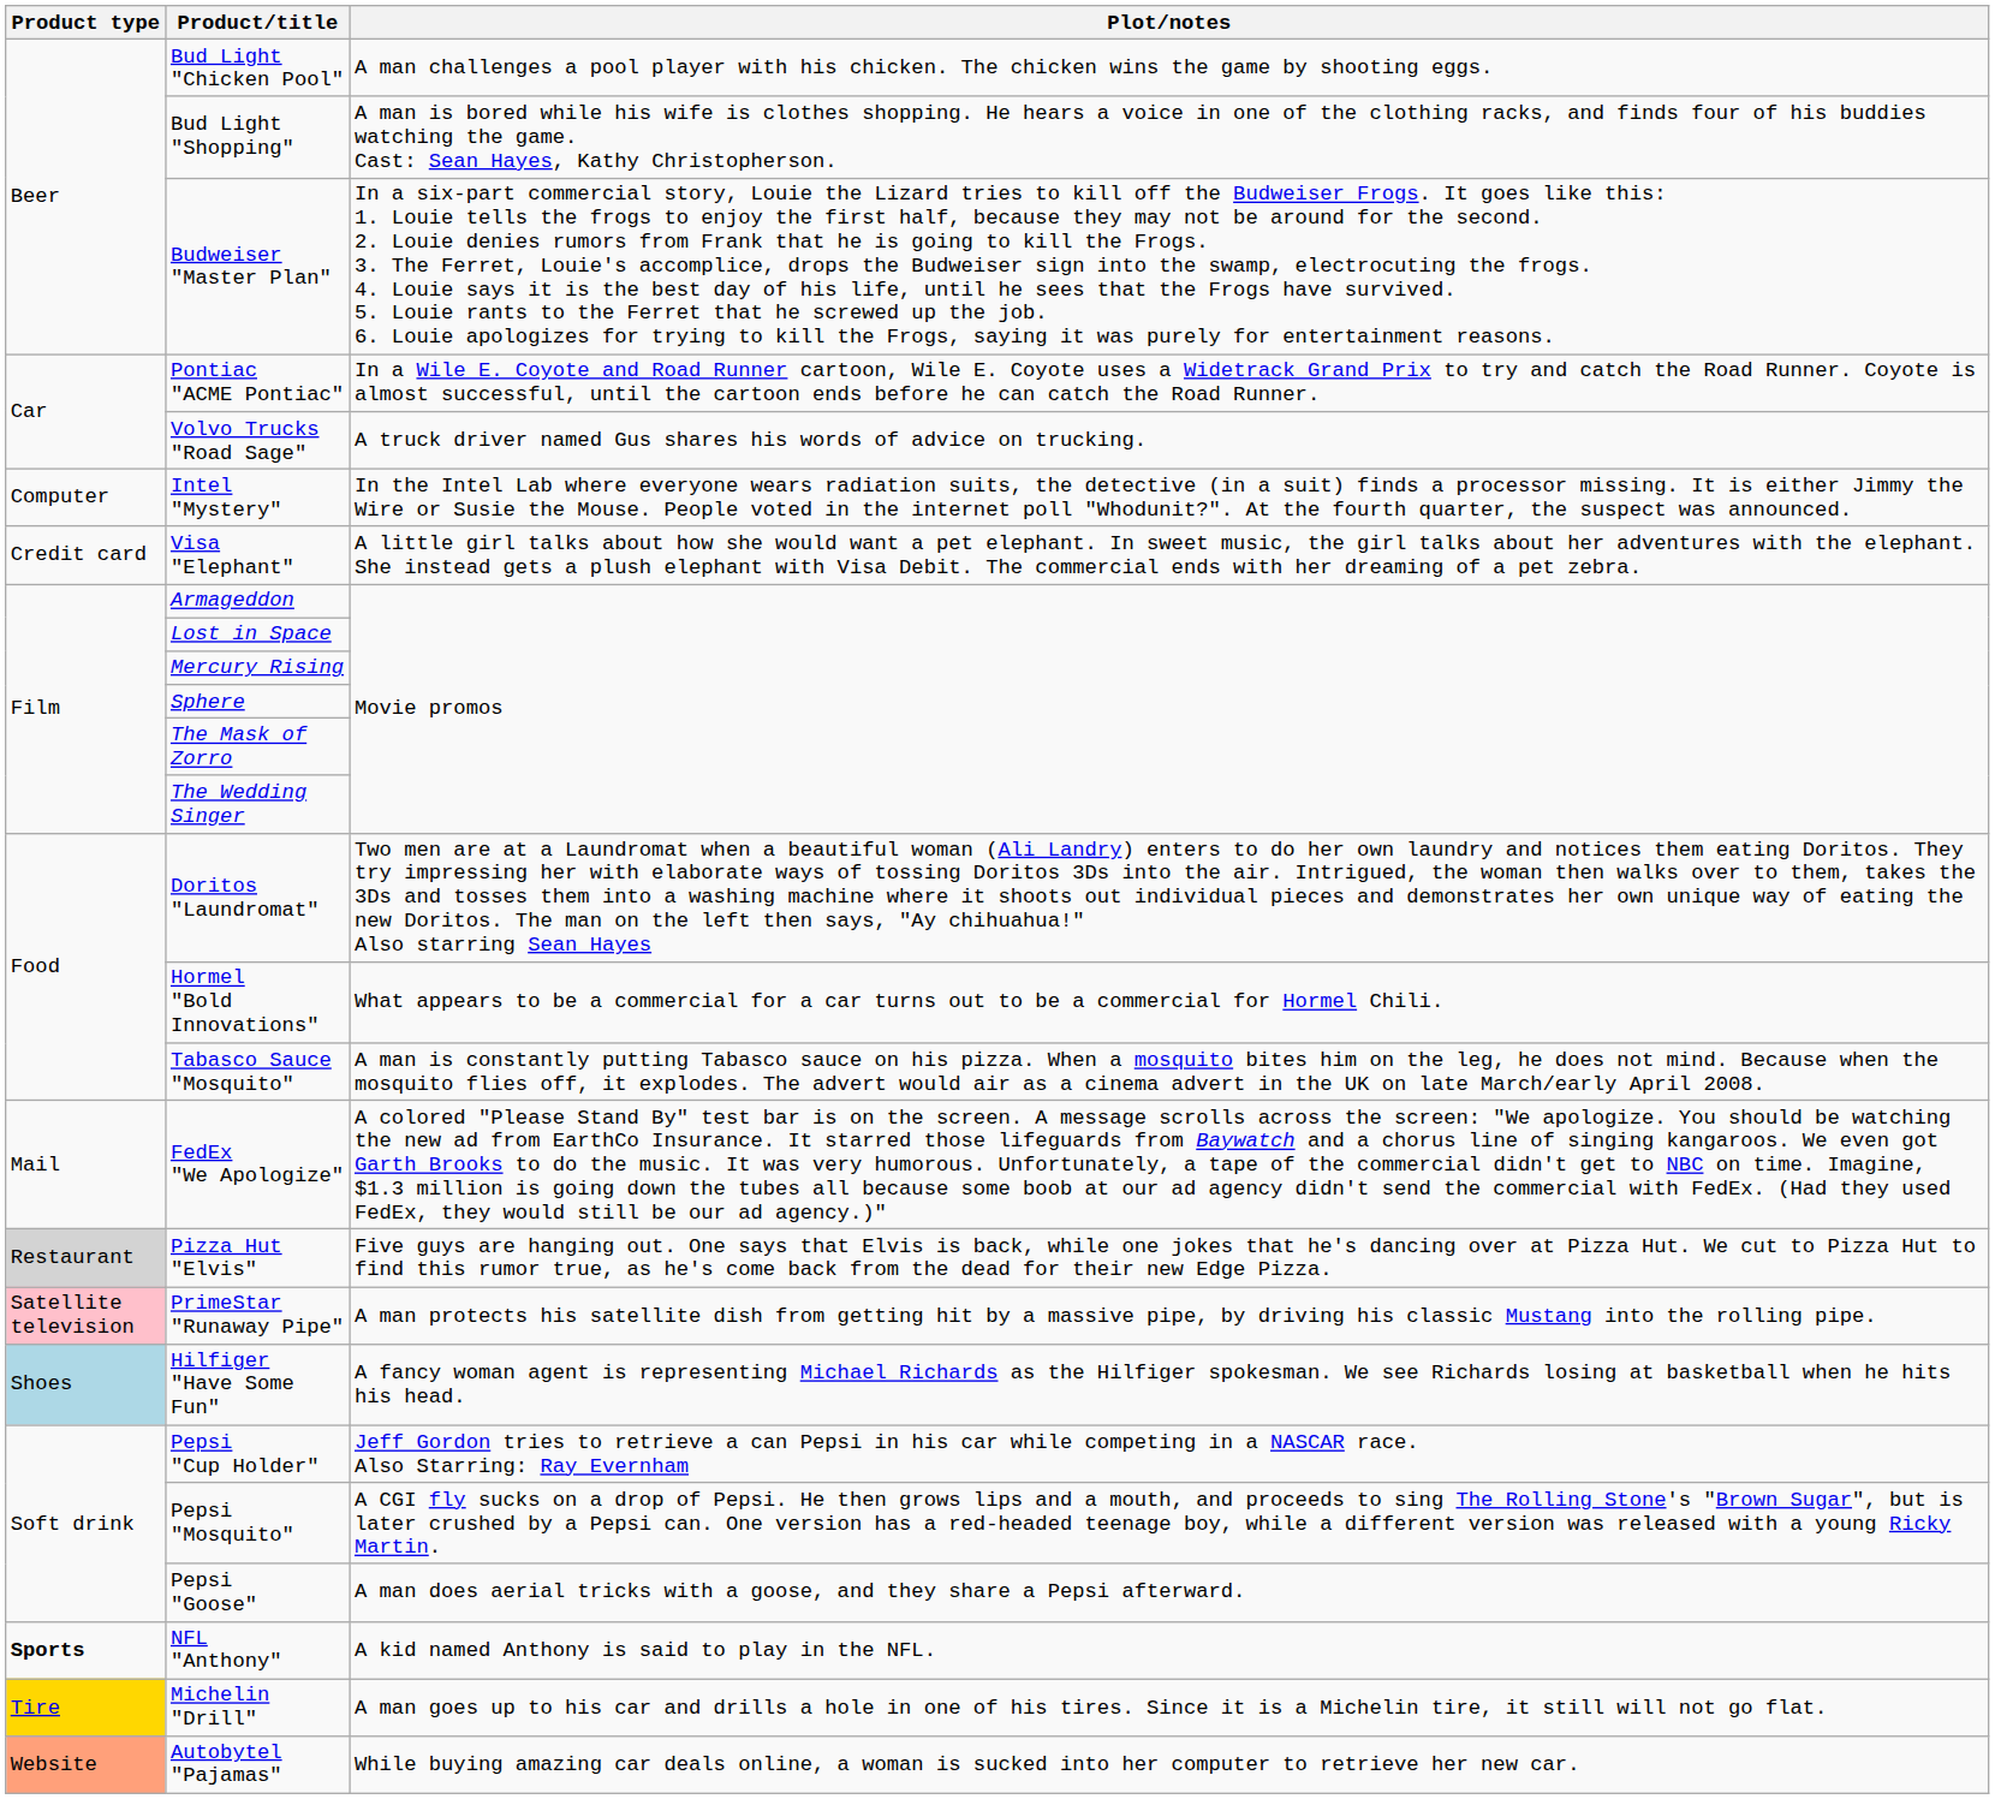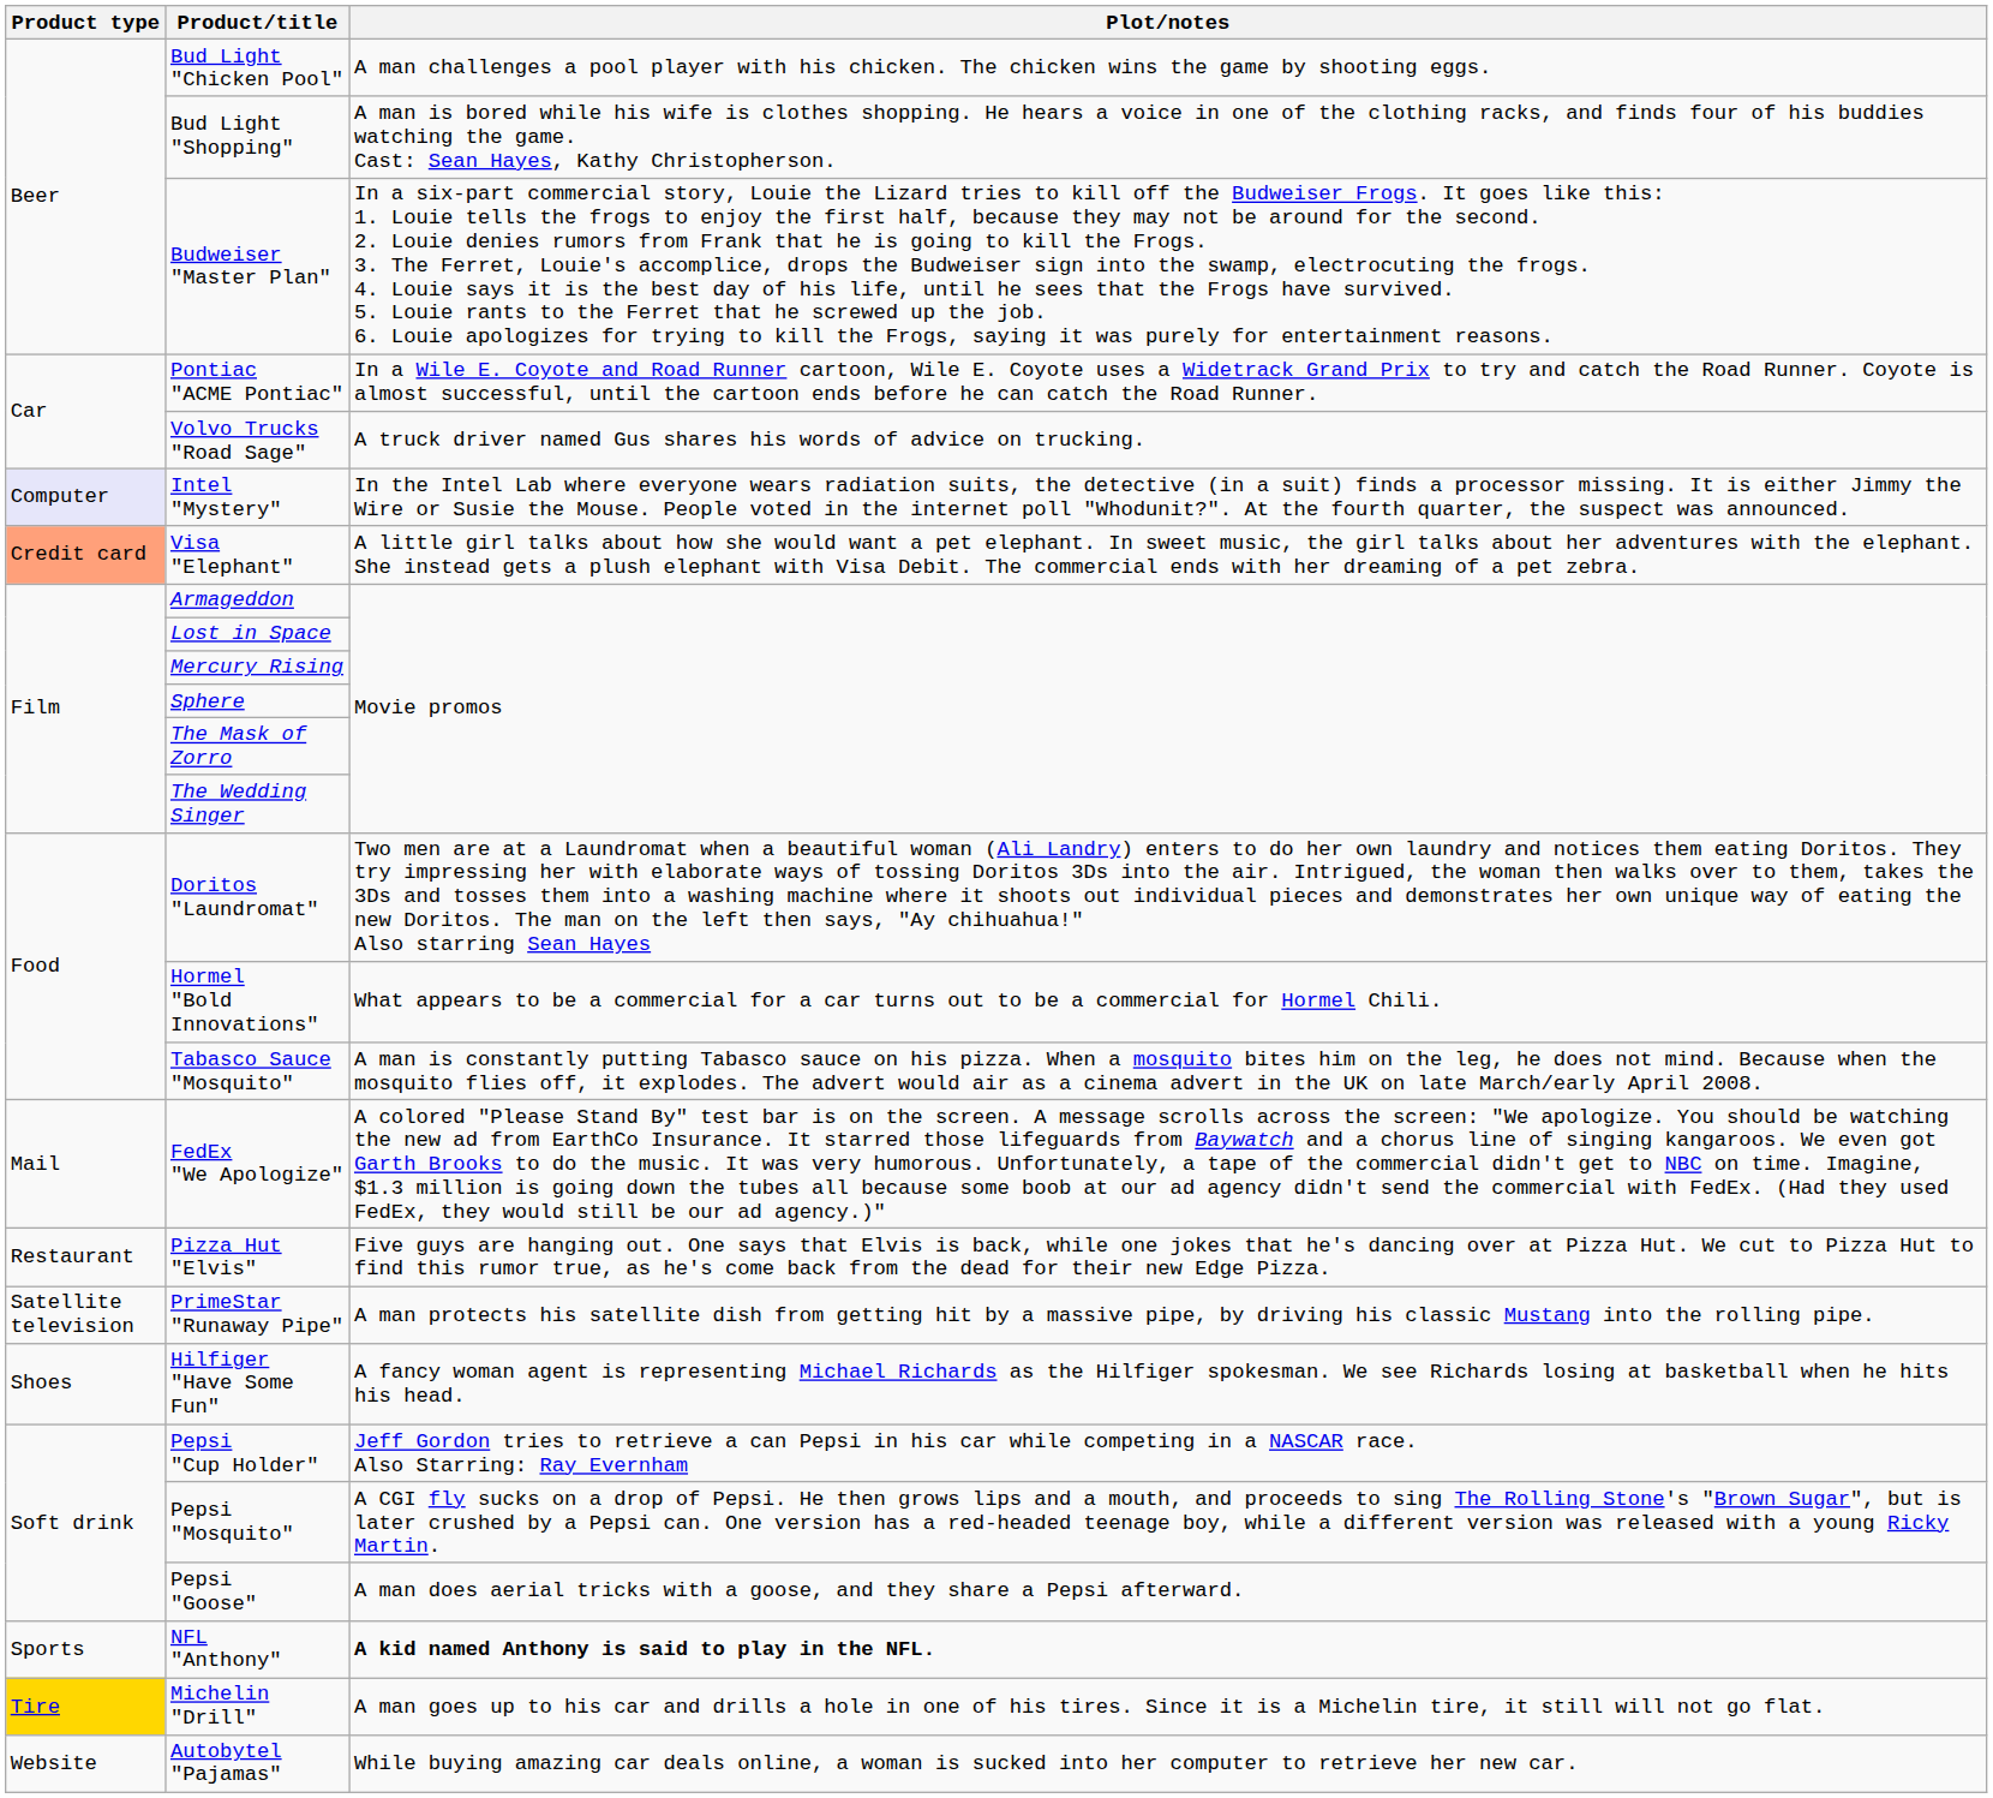 <table class="wikitable">
 <tr>
 <th>Product type</th>
 <th>Product/title</th>
 <th>Plot/notes</th>
 </tr>
 <tr>
 <td rowspan="3">Beer</td>
 <td><a href='#'>Bud Light</a><br>"Chicken Pool"</td>
 <td>A man challenges a pool player with his chicken. The chicken wins the game by shooting eggs.</td>
 </tr>
 <tr>
 <td>Bud Light<br>"Shopping"</td>
 <td>A man is bored while his wife is clothes shopping. He hears a voice in one of the clothing racks, and finds four of his buddies watching the game.<br>Cast: <a href='#'>Sean Hayes</a>, Kathy Christopherson.</td>
 </tr>
 <tr>
 <td><a href='#'>Budweiser</a><br>"Master Plan"</td>
 <td>In a six-part commercial story, Louie the Lizard tries to kill off the <a href='#'>Budweiser Frogs</a>. It goes like this:<br>1. Louie tells the frogs to enjoy the first half, because they may not be around for the second.<br>2. Louie denies rumors from Frank that he is going to kill the Frogs.<br>3. The Ferret, Louie's accomplice, drops the Budweiser sign into the swamp, electrocuting the frogs.<br>4. Louie says it is the best day of his life, until he sees that the Frogs have survived.<br>5. Louie rants to the Ferret that he screwed up the job.<br>6. Louie apologizes for trying to kill the Frogs, saying it was purely for entertainment reasons.</td>
 </tr>
 <tr>
 <td rowspan="2">Car</td>
 <td><a href='#'>Pontiac</a><br>"ACME Pontiac"</td>
 <td>In a <a href='#'>Wile E. Coyote and Road Runner</a> cartoon, Wile E. Coyote uses a <a href='#'>Widetrack Grand Prix</a> to try and catch the Road Runner. Coyote is almost successful, until the cartoon ends before he can catch the Road Runner.</td>
 </tr>
 <tr>
 <td><a href='#'>Volvo Trucks</a><br>"Road Sage"</td>
 <td>A truck driver named Gus shares his words of advice on trucking.</td>
 </tr>
 <tr>
-<td>Computer</td>
+<td style="background: lavender;">Computer</td>
 <td><a href='#'>Intel</a><br>"Mystery"</td>
 <td>In the Intel Lab where everyone wears radiation suits, the detective (in a suit) finds a processor missing. It is either Jimmy the Wire or Susie the Mouse. People voted in the internet poll "Whodunit?". At the fourth quarter, the suspect was announced.</td>
 </tr>
 <tr>
-<td>Credit card</td>
+<td style="background: lightsalmon;">Credit card</td>
 <td><a href='#'>Visa</a><br>"Elephant"</td>
 <td>A little girl talks about how she would want a pet elephant. In sweet music, the girl talks about her adventures with the elephant. She instead gets a plush elephant with Visa Debit. The commercial ends with her dreaming of a pet zebra.</td>
 </tr>
 <tr>
 <td rowspan="6">Film</td>
 <td><em><a href='#'>Armageddon</a></em></td>
 <td rowspan="6">Movie promos</td>
 </tr>
 <tr>
 <td><em><a href='#'>Lost in Space</a></em></td>
 </tr>
 <tr>
 <td><em><a href='#'>Mercury Rising</a></em></td>
 </tr>
 <tr>
 <td><em><a href='#'>Sphere</a></em></td>
 </tr>
 <tr>
 <td><em><a href='#'>The Mask of Zorro</a></em></td>
 </tr>
 <tr>
 <td><em><a href='#'>The Wedding Singer</a></em></td>
 </tr>
 <tr>
 <td rowspan="3">Food</td>
 <td><a href='#'>Doritos</a><br>"Laundromat"</td>
 <td>Two men are at a Laundromat when a beautiful woman (<a href='#'>Ali Landry</a>) enters to do her own laundry and notices them eating Doritos. They try impressing her with elaborate ways of tossing Doritos 3Ds into the air. Intrigued, the woman then walks over to them, takes the 3Ds and tosses them into a washing machine where it shoots out individual pieces and demonstrates her own unique way of eating the new Doritos. The man on the left then says, "Ay chihuahua!"<br>Also starring <a href='#'>Sean Hayes</a></td>
 </tr>
 <tr>
 <td><a href='#'>Hormel</a><br>"Bold Innovations"</td>
 <td>What appears to be a commercial for a car turns out to be a commercial for <a href='#'>Hormel</a> Chili.</td>
 </tr>
 <tr>
 <td><a href='#'>Tabasco Sauce</a><br>"Mosquito"</td>
 <td>A man is constantly putting Tabasco sauce on his pizza. When a <a href='#'>mosquito</a> bites him on the leg, he does not mind. Because when the mosquito flies off, it explodes. The advert would air as a cinema advert in the UK on late March/early April 2008.</td>
 </tr>
 <tr>
 <td>Mail</td>
 <td><a href='#'>FedEx</a><br>"We Apologize"</td>
 <td>A colored "Please Stand By" test bar is on the screen. A message scrolls across the screen: "We apologize. You should be watching the new ad from EarthCo Insurance. It starred those lifeguards from <em><a href='#'>Baywatch</a></em> and a chorus line of singing kangaroos. We even got <a href='#'>Garth Brooks</a> to do the music. It was very humorous. Unfortunately, a tape of the commercial didn't get to <a href='#'>NBC</a> on time. Imagine, $1.3 million is going down the tubes all because some boob at our ad agency didn't send the commercial with FedEx. (Had they used FedEx, they would still be our ad agency.)"</td>
 </tr>
 <tr>
-<td style="background: lightgrey;">Restaurant</td>
+<td>Restaurant</td>
 <td><a href='#'>Pizza Hut</a><br>"Elvis"</td>
 <td>Five guys are hanging out. One says that Elvis is back, while one jokes that he's dancing over at Pizza Hut. We cut to Pizza Hut to find this rumor true, as he's come back from the dead for their new Edge Pizza.</td>
 </tr>
 <tr>
-<td style="background: pink;">Satellite television</td>
+<td>Satellite television</td>
 <td><a href='#'>PrimeStar</a><br>"Runaway Pipe"</td>
 <td>A man protects his satellite dish from getting hit by a massive pipe, by driving his classic <a href='#'>Mustang</a> into the rolling pipe.</td>
 </tr>
 <tr>
-<td style="background: lightblue;">Shoes</td>
+<td>Shoes</td>
 <td><a href='#'>Hilfiger</a><br>"Have Some Fun"</td>
 <td>A fancy woman agent is representing <a href='#'>Michael Richards</a> as the Hilfiger spokesman. We see Richards losing at basketball when he hits his head.</td>
 </tr>
 <tr>
 <td rowspan="3">Soft drink</td>
 <td><a href='#'>Pepsi</a><br>"Cup Holder"</td>
 <td><a href='#'>Jeff Gordon</a> tries to retrieve a can Pepsi in his car while competing in a <a href='#'>NASCAR</a> race.<br>Also Starring: <a href='#'>Ray Evernham</a></td>
 </tr>
 <tr>
 <td>Pepsi<br>"Mosquito"</td>
 <td>A CGI <a href='#'>fly</a> sucks on a drop of Pepsi. He then grows lips and a mouth, and proceeds to sing <a href='#'>The Rolling Stone</a>'s "<a href='#'>Brown Sugar</a>", but is later crushed by a Pepsi can. One version has a red-headed teenage boy, while a different version was released with a young <a href='#'>Ricky Martin</a>.</td>
 </tr>
 <tr>
 <td>Pepsi<br>"Goose"</td>
 <td>A man does aerial tricks with a goose, and they share a Pepsi afterward.</td>
 </tr>
 <tr>
-<td><strong>Sports</strong></td>
+<td>Sports</td>
 <td><a href='#'>NFL</a><br>"Anthony"</td>
-<td>A kid named Anthony is said to play in the NFL.</td>
+<td><strong>A kid named Anthony is said to play in the NFL.</strong></td>
 </tr>
 <tr>
 <td style="background: gold;"><a href='#'>Tire</a></td>
 <td><a href='#'>Michelin</a><br>"Drill"</td>
 <td>A man goes up to his car and drills a hole in one of his tires. Since it is a Michelin tire, it still will not go flat.</td>
 </tr>
 <tr>
-<td style="background: lightsalmon;">Website</td>
+<td>Website</td>
 <td><a href='#'>Autobytel</a><br>"Pajamas"</td>
 <td>While buying amazing car deals online, a woman is sucked into her computer to retrieve her new car.</td>
 </tr>
 </table>
